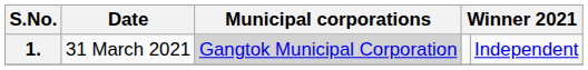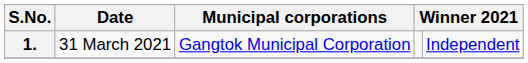 <table class="wikitable sortable">
 <tr>
 <th>S.No.</th>
 <th>Date</th>
 <th>Municipal corporations</th>
 <th colspan="2">Winner 2021</th>
 </tr>
 <tr>
 <th>1.</th>
 <td>31 March 2021</td>
-<td style="background: lightgrey;"><a href='#'>Gangtok Municipal Corporation</a></td>
+<td><a href='#'>Gangtok Municipal Corporation</a></td>
 <td style="background:"></td>
 <td><a href='#'>Independent</a></td>
 </tr>
 <tr>
 </tr>
 </table>
